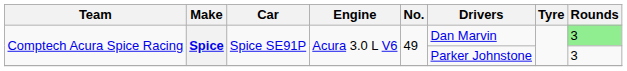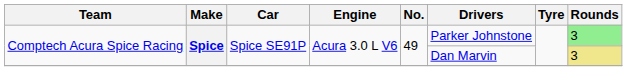 <table class="wikitable" style="font-size: 90%;">
 <tr>
 <th>Team</th>
 <th>Make</th>
 <th>Car</th>
 <th>Engine</th>
 <th>No.</th>
 <th>Drivers</th>
 <th>Tyre</th>
 <th>Rounds</th>
 </tr>
 <tr>
 <td rowspan=2><a href='#'>Comptech Acura Spice Racing</a></td>
 <th rowspan=2><a href='#'>Spice</a></th>
 <td rowspan=2><a href='#'>Spice SE91P</a></td>
 <td rowspan=2><a href='#'>Acura</a> 3.0 L <a href='#'>V6</a></td>
 <td rowspan=2>49</td>
-<td> <a href='#'>Dan Marvin</a></td>
+<td> <a href='#'>Parker Johnstone</a></td>
 <td rowspan=2></td>
 <td style="background: lightgreen;">3</td>
 </tr>
 <tr>
-<td> <a href='#'>Parker Johnstone</a></td>
-<td>3</td>
+<td> <a href='#'>Dan Marvin</a></td>
+<td style="background: khaki;">3</td>
 </tr>
 <tr>
 </tr>
 </table>
